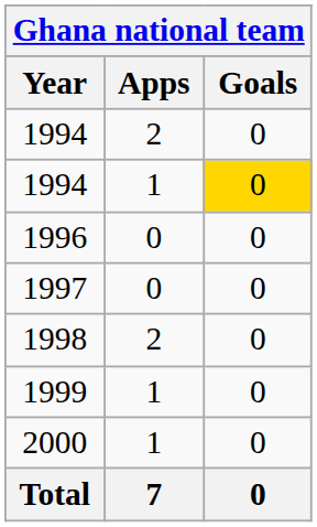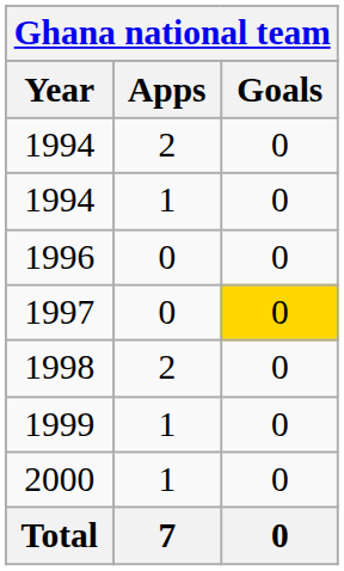 <table class="wikitable" style="text-align:center">
 <tr>
 <th colspan=3><a href='#'>Ghana national team</a></th>
 </tr>
 <tr>
 <th>Year</th>
 <th>Apps</th>
 <th>Goals</th>
 </tr>
 <tr>
 <td>1994</td>
 <td>2</td>
 <td>0</td>
 </tr>
 <tr>
 <td>1994</td>
 <td>1</td>
-<td style="background: gold;">0</td>
+<td>0</td>
 </tr>
 <tr>
 <td>1996</td>
 <td>0</td>
 <td>0</td>
 </tr>
 <tr>
 <td>1997</td>
 <td>0</td>
-<td>0</td>
+<td style="background: gold;">0</td>
 </tr>
 <tr>
 <td>1998</td>
 <td>2</td>
 <td>0</td>
 </tr>
 <tr>
 <td>1999</td>
 <td>1</td>
 <td>0</td>
 </tr>
 <tr>
 <td>2000</td>
 <td>1</td>
 <td>0</td>
 </tr>
 <tr>
 <th>Total</th>
 <th>7</th>
 <th>0</th>
 </tr>
 </table>
